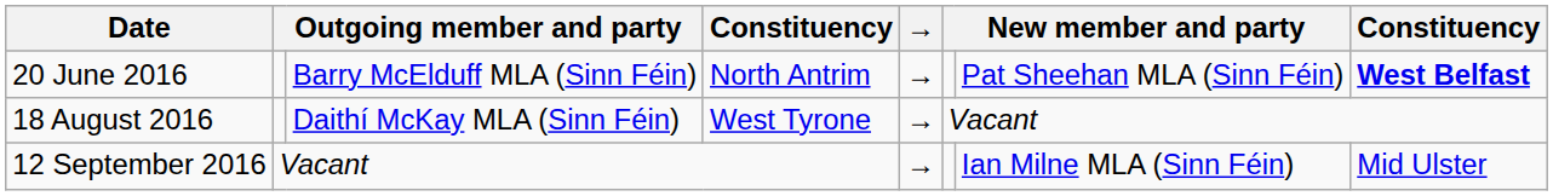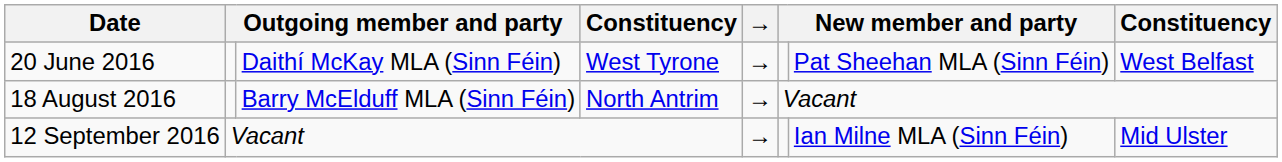 <table class="wikitable">
 <tr>
 <th valign="top">Date</th>
 <th colspan="2" valign="top">Outgoing member and party</th>
 <th valign="top">Constituency</th>
 <th>→</th>
 <th colspan="2" valign="top">New member and party</th>
 <th valign="top">Constituency</th>
 </tr>
 <tr>
 <td>20 June 2016</td>
 <td></td>
-<td><a href='#'>Barry McElduff</a> MLA (<a href='#'>Sinn Féin</a>)</td>
-<td><a href='#'>North Antrim</a></td>
+<td><a href='#'>Daithí McKay</a> MLA (<a href='#'>Sinn Féin</a>)</td>
+<td><a href='#'>West Tyrone</a></td>
 <td>→</td>
 <td></td>
 <td><a href='#'>Pat Sheehan</a> MLA (<a href='#'>Sinn Féin</a>)</td>
-<td><strong><a href='#'>West Belfast</a></strong></td>
+<td><a href='#'>West Belfast</a></td>
 </tr>
 <tr>
 <td>18 August 2016</td>
 <td></td>
-<td><a href='#'>Daithí McKay</a> MLA (<a href='#'>Sinn Féin</a>)</td>
-<td><a href='#'>West Tyrone</a></td>
+<td><a href='#'>Barry McElduff</a> MLA (<a href='#'>Sinn Féin</a>)</td>
+<td><a href='#'>North Antrim</a></td>
 <td>→</td>
 <td colspan=3><em>Vacant</em></td>
 </tr>
 <tr>
 <td>12 September 2016</td>
 <td colspan=3><em>Vacant</em></td>
 <td>→</td>
 <td></td>
 <td><a href='#'>Ian Milne</a> MLA (<a href='#'>Sinn Féin</a>)</td>
 <td><a href='#'>Mid Ulster</a></td>
 </tr>
 </table>
